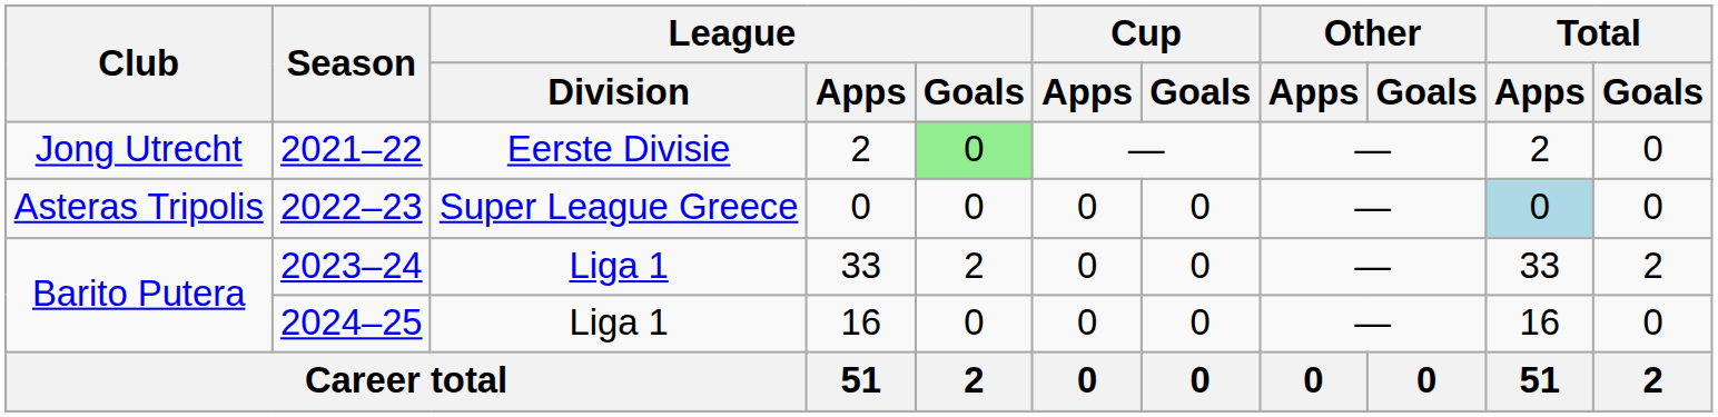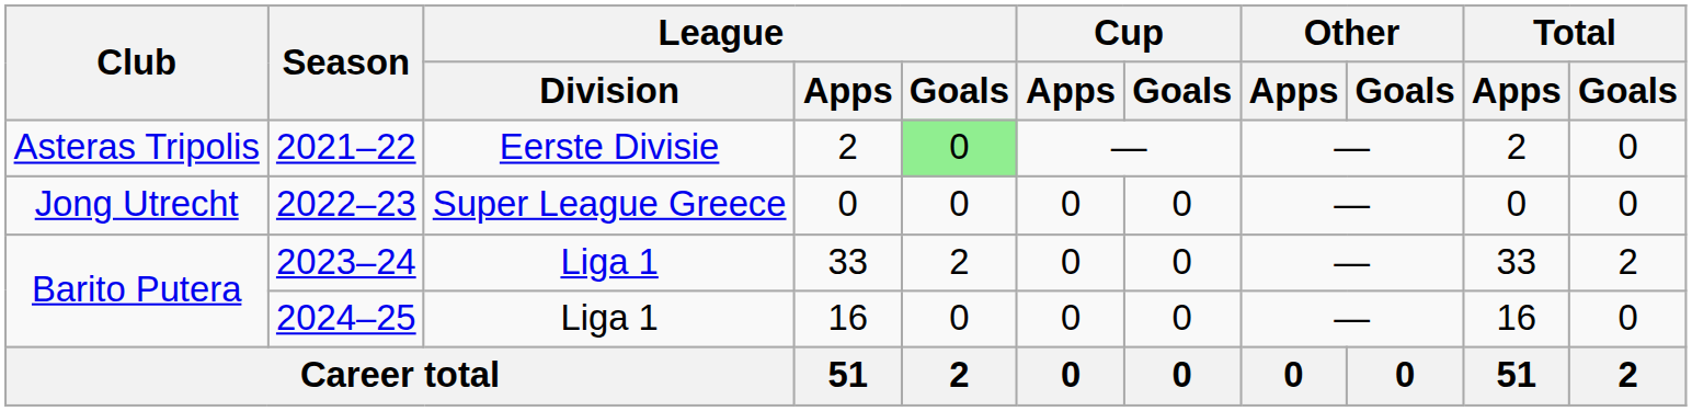 <table class="wikitable" Style="text-align: center">
 <tr>
 <th rowspan="2">Club</th>
 <th rowspan="2">Season</th>
 <th colspan="3">League</th>
 <th colspan="2">Cup</th>
 <th colspan="2">Other</th>
 <th colspan="2">Total</th>
 </tr>
 <tr>
 <th>Division</th>
 <th>Apps</th>
 <th>Goals</th>
 <th>Apps</th>
 <th>Goals</th>
 <th>Apps</th>
 <th>Goals</th>
 <th>Apps</th>
 <th>Goals</th>
 </tr>
 <tr>
-<td><a href='#'>Jong Utrecht</a></td>
+<td><a href='#'>Asteras Tripolis</a></td>
 <td><a href='#'>2021–22</a></td>
 <td><a href='#'>Eerste Divisie</a></td>
 <td>2</td>
 <td style="background: lightgreen;">0</td>
 <td colspan="2">—</td>
 <td colspan="2">—</td>
 <td>2</td>
 <td>0</td>
 </tr>
 <tr>
-<td><a href='#'>Asteras Tripolis</a></td>
+<td><a href='#'>Jong Utrecht</a></td>
 <td><a href='#'>2022–23</a></td>
 <td><a href='#'>Super League Greece</a></td>
 <td>0</td>
 <td>0</td>
 <td>0</td>
 <td>0</td>
 <td colspan="2">—</td>
-<td style="background: lightblue;">0</td>
+<td>0</td>
 <td>0</td>
 </tr>
 <tr>
 <td rowspan="2"><a href='#'>Barito Putera</a></td>
 <td><a href='#'>2023–24</a></td>
 <td rowspan="1"><a href='#'>Liga 1</a></td>
 <td>33</td>
 <td>2</td>
 <td>0</td>
 <td>0</td>
 <td colspan="2">—</td>
 <td>33</td>
 <td>2</td>
 </tr>
 <tr>
 <td><a href='#'>2024–25</a></td>
 <td rowspan="1">Liga 1</td>
 <td>16</td>
 <td>0</td>
 <td>0</td>
 <td>0</td>
 <td colspan="2">—</td>
 <td>16</td>
 <td>0</td>
 </tr>
 <tr>
 <th colspan="3">Career total</th>
 <th>51</th>
 <th>2</th>
 <th>0</th>
 <th>0</th>
 <th>0</th>
 <th>0</th>
 <th>51</th>
 <th>2</th>
 </tr>
 </table>
